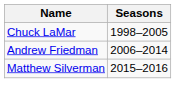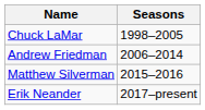 <table class="wikitable">
 <tr>
 <th>Name</th>
 <th>Seasons</th>
 </tr>
 <tr>
 <td><a href='#'>Chuck LaMar</a></td>
 <td>1998–2005</td>
 </tr>
 <tr>
 <td><a href='#'>Andrew Friedman</a></td>
 <td>2006–2014</td>
 </tr>
 <tr>
 <td><a href='#'>Matthew Silverman</a></td>
 <td>2015–2016</td>
 </tr>
+<tr>
+<td><a href='#'>Erik Neander</a></td>
+<td>2017–present</td>
+</tr>
 </table>
